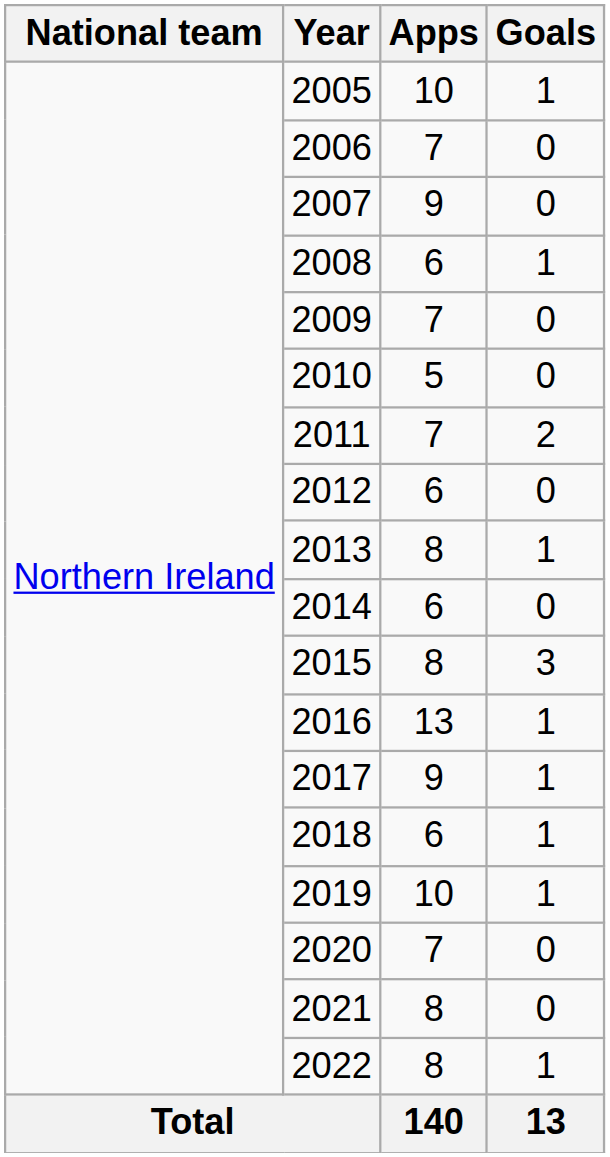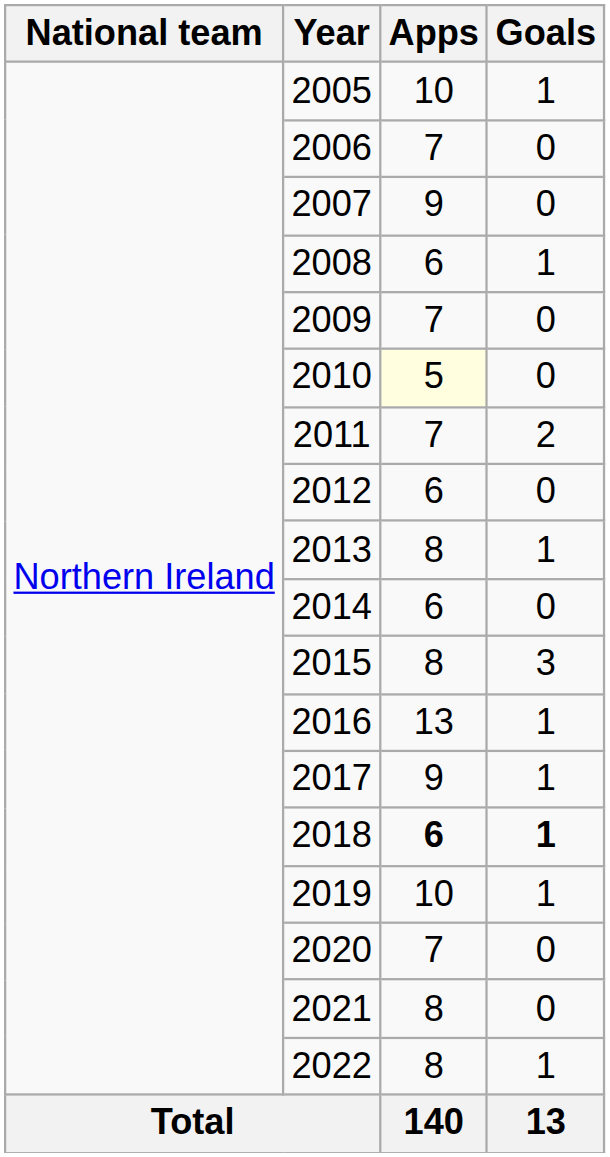 <table class="wikitable" style="text-align:center">
 <tr>
 <th>National team</th>
 <th>Year</th>
 <th>Apps</th>
 <th>Goals</th>
 </tr>
 <tr>
 <td rowspan="18"><a href='#'>Northern Ireland</a></td>
 <td>2005</td>
 <td>10</td>
 <td>1</td>
 </tr>
 <tr>
 <td>2006</td>
 <td>7</td>
 <td>0</td>
 </tr>
 <tr>
 <td>2007</td>
 <td>9</td>
 <td>0</td>
 </tr>
 <tr>
 <td>2008</td>
 <td>6</td>
 <td>1</td>
 </tr>
 <tr>
 <td>2009</td>
 <td>7</td>
 <td>0</td>
 </tr>
 <tr>
 <td>2010</td>
-<td>5</td>
+<td style="background: lightyellow;">5</td>
 <td>0</td>
 </tr>
 <tr>
 <td>2011</td>
 <td>7</td>
 <td>2</td>
 </tr>
 <tr>
 <td>2012</td>
 <td>6</td>
 <td>0</td>
 </tr>
 <tr>
 <td>2013</td>
 <td>8</td>
 <td>1</td>
 </tr>
 <tr>
 <td>2014</td>
 <td>6</td>
 <td>0</td>
 </tr>
 <tr>
 <td>2015</td>
 <td>8</td>
 <td>3</td>
 </tr>
 <tr>
 <td>2016</td>
 <td>13</td>
 <td>1</td>
 </tr>
 <tr>
 <td>2017</td>
 <td>9</td>
 <td>1</td>
 </tr>
 <tr>
 <td>2018</td>
-<td>6</td>
-<td>1</td>
+<td><strong>6</strong></td>
+<td><strong>1</strong></td>
 </tr>
 <tr>
 <td>2019</td>
 <td>10</td>
 <td>1</td>
 </tr>
 <tr>
 <td>2020</td>
 <td>7</td>
 <td>0</td>
 </tr>
 <tr>
 <td>2021</td>
 <td>8</td>
 <td>0</td>
 </tr>
 <tr>
 <td>2022</td>
 <td>8</td>
 <td>1</td>
 </tr>
 <tr>
 <th colspan="2">Total</th>
 <th>140</th>
 <th>13</th>
 </tr>
 </table>
